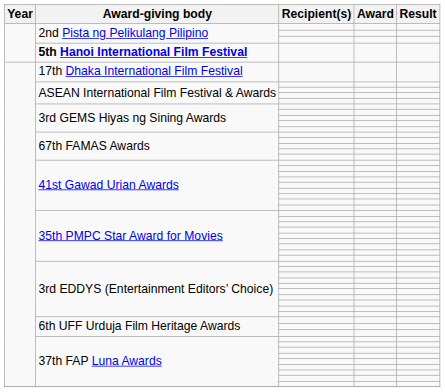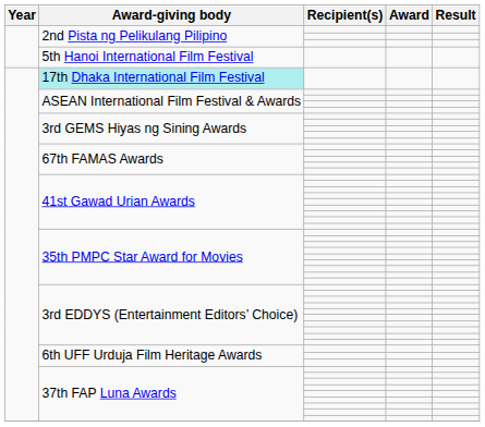 <table class="wikitable" style="font-size:100%;">
 <tr>
 <th scope="col">Year</th>
 <th scope="col">Award-giving body</th>
 <th scope="col">Recipient(s)</th>
 <th scope="col">Award</th>
 <th scope="col">Result</th>
 </tr>
 <tr>
 <td rowspan="4"></td>
 <td rowspan="3">2nd <a href='#'>Pista ng Pelikulang Pilipino</a></td>
 <td></td>
 <td></td>
 <td></td>
 </tr>
 <tr>
 <td></td>
 <td></td>
 <td></td>
 </tr>
 <tr>
 <td></td>
 <td></td>
 <td></td>
 </tr>
 <tr>
-<td><strong>5th <a href='#'>Hanoi International Film Festival</a></strong></td>
+<td>5th <a href='#'>Hanoi International Film Festival</a></td>
 <td></td>
 <td></td>
 <td></td>
 </tr>
 <tr>
 <td rowspan="55"></td>
-<td>17th <a href='#'>Dhaka International Film Festival</a></td>
+<td style="background: paleturquoise;">17th <a href='#'>Dhaka International Film Festival</a></td>
 <td></td>
 <td></td>
 <td></td>
 </tr>
 <tr>
 <td rowspan="4">ASEAN International Film Festival & Awards</td>
 <td></td>
 <td></td>
 <td></td>
 </tr>
 <tr>
 <td></td>
 <td></td>
 <td></td>
 </tr>
 <tr>
 <td></td>
 <td></td>
 <td></td>
 </tr>
 <tr>
 <td></td>
 <td></td>
 <td></td>
 </tr>
 <tr>
 <td rowspan="5">3rd GEMS Hiyas ng Sining Awards</td>
 <td></td>
 <td></td>
 <td></td>
 </tr>
 <tr>
 <td></td>
 <td></td>
 <td></td>
 </tr>
 <tr>
 <td></td>
 <td></td>
 <td></td>
 </tr>
 <tr>
 <td></td>
 <td></td>
 <td></td>
 </tr>
 <tr>
 <td></td>
 <td></td>
 <td></td>
 </tr>
 <tr>
 <td rowspan="5">67th FAMAS Awards</td>
 <td></td>
 <td></td>
 <td></td>
 </tr>
 <tr>
 <td></td>
 <td></td>
 <td></td>
 </tr>
 <tr>
 <td></td>
 <td></td>
 <td></td>
 </tr>
 <tr>
 <td></td>
 <td></td>
 <td></td>
 </tr>
 <tr>
 <td></td>
 <td></td>
 <td></td>
 </tr>
 <tr>
 <td rowspan="9"><a href='#'>41st Gawad Urian Awards</a></td>
 <td></td>
 <td></td>
 <td></td>
 </tr>
 <tr>
 <td></td>
 <td></td>
 <td></td>
 </tr>
 <tr>
 <td></td>
 <td></td>
 <td></td>
 </tr>
 <tr>
 <td></td>
 <td></td>
 <td></td>
 </tr>
 <tr>
 <td></td>
 <td></td>
 <td></td>
 </tr>
 <tr>
 <td></td>
 <td></td>
 <td></td>
 </tr>
 <tr>
 <td></td>
 <td></td>
 <td></td>
 </tr>
 <tr>
 <td></td>
 <td></td>
 <td></td>
 </tr>
 <tr>
 <td></td>
 <td></td>
 <td></td>
 </tr>
 <tr>
 <td rowspan="9"><a href='#'>35th PMPC Star Award for Movies</a></td>
 <td></td>
 <td></td>
 <td></td>
 </tr>
 <tr>
 <td></td>
 <td></td>
 <td></td>
 </tr>
 <tr>
 <td></td>
 <td></td>
 <td></td>
 </tr>
 <tr>
 <td></td>
 <td></td>
 <td></td>
 </tr>
 <tr>
 <td></td>
 <td></td>
 <td></td>
 </tr>
 <tr>
 <td></td>
 <td></td>
 <td></td>
 </tr>
 <tr>
 <td></td>
 <td></td>
 <td></td>
 </tr>
 <tr>
 <td></td>
 <td></td>
 <td></td>
 </tr>
 <tr>
 <td></td>
 <td></td>
 <td></td>
 </tr>
 <tr>
 <td rowspan="10">3rd EDDYS (Entertainment Editors’ Choice)</td>
 <td></td>
 <td></td>
 <td></td>
 </tr>
 <tr>
 <td></td>
 <td></td>
 <td></td>
 </tr>
 <tr>
 <td></td>
 <td></td>
 <td></td>
 </tr>
 <tr>
 <td></td>
 <td></td>
 <td></td>
 </tr>
 <tr>
 <td></td>
 <td></td>
 <td></td>
 </tr>
 <tr>
 <td></td>
 <td></td>
 <td></td>
 </tr>
 <tr>
 <td></td>
 <td></td>
 <td></td>
 </tr>
 <tr>
 <td></td>
 <td></td>
 <td></td>
 </tr>
 <tr>
 <td></td>
 <td></td>
 <td></td>
 </tr>
 <tr>
 <td></td>
 <td></td>
 <td></td>
 </tr>
 <tr>
 <td rowspan="3">6th UFF Urduja Film Heritage Awards</td>
 <td></td>
 <td></td>
 <td></td>
 </tr>
 <tr>
 <td></td>
 <td></td>
 <td></td>
 </tr>
 <tr>
 <td></td>
 <td></td>
 <td></td>
 </tr>
 <tr>
 <td rowspan="9">37th FAP <a href='#'>Luna Awards</a></td>
 <td></td>
 <td></td>
 <td></td>
 </tr>
 <tr>
 <td></td>
 <td></td>
 <td></td>
 </tr>
 <tr>
 <td></td>
 <td></td>
 <td></td>
 </tr>
 <tr>
 <td></td>
 <td></td>
 <td></td>
 </tr>
 <tr>
 <td></td>
 <td></td>
 <td></td>
 </tr>
 <tr>
 <td></td>
 <td></td>
 <td></td>
 </tr>
 <tr>
 <td></td>
 <td></td>
 <td></td>
 </tr>
 <tr>
 <td></td>
 <td></td>
 <td></td>
 </tr>
 <tr>
 <td></td>
 <td></td>
 <td></td>
 </tr>
 <tr>
 </tr>
 </table>
